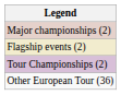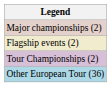 <table class="wikitable" style="font-size:95%;">
 <tr>
 <th>Legend</th>
 </tr>
 <tr style="background:#e5d1cb;">
 <td>Major championships (2)</td>
 </tr>
 <tr style="background:#f2ecce;">
 <td>Flagship events (2)</td>
 </tr>
 <tr style="background:thistle">
 <td>Tour Championships (2)</td>
 </tr>
 <tr>
-<td>Other European Tour (36)</td>
+<td style="background: lightblue;">Other European Tour (36)</td>
 </tr>
 </table>
